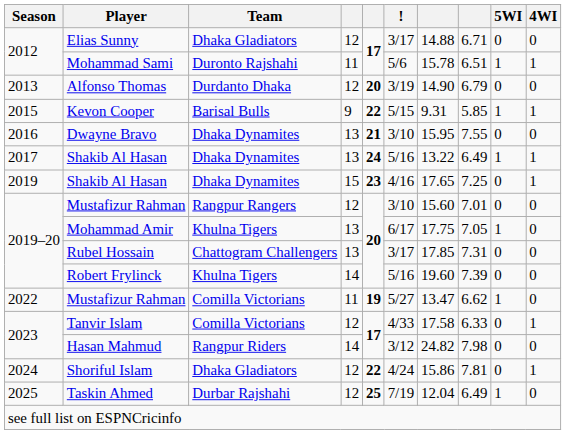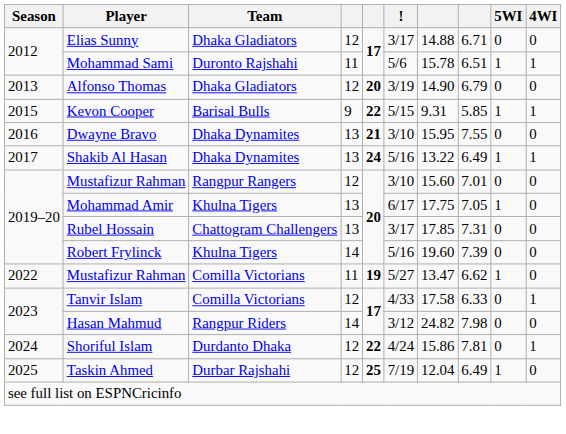 <table class="wikitable" style="align:center">
 <tr>
 <th>Season</th>
 <th>Player</th>
 <th>Team</th>
 <th></th>
 <th></th>
 <th> !</th>
 <th></th>
 <th></th>
 <th>5WI</th>
 <th>4WI</th>
 </tr>
 <tr>
 <td rowspan=2>2012</td>
 <td><a href='#'>Elias Sunny</a></td>
 <td><a href='#'>Dhaka Gladiators</a></td>
 <td>12</td>
 <td rowspan="2"><strong>17</strong></td>
 <td>3/17</td>
 <td>14.88</td>
 <td>6.71</td>
 <td>0</td>
 <td>0</td>
 </tr>
 <tr>
 <td><a href='#'>Mohammad Sami</a></td>
 <td><a href='#'>Duronto Rajshahi</a></td>
 <td>11</td>
 <td>5/6</td>
 <td>15.78</td>
 <td>6.51</td>
 <td>1</td>
 <td>1</td>
 </tr>
 <tr>
 <td>2013</td>
 <td><a href='#'>Alfonso Thomas</a></td>
-<td><a href='#'>Durdanto Dhaka</a></td>
+<td><a href='#'>Dhaka Gladiators</a></td>
 <td>12</td>
 <td><strong>20</strong></td>
 <td>3/19</td>
 <td>14.90</td>
 <td>6.79</td>
 <td>0</td>
 <td>0</td>
 </tr>
 <tr>
 <td>2015</td>
 <td><a href='#'>Kevon Cooper</a></td>
 <td><a href='#'>Barisal Bulls</a></td>
 <td>9</td>
 <td><strong>22</strong></td>
 <td>5/15</td>
 <td>9.31</td>
 <td>5.85</td>
 <td>1</td>
 <td>1</td>
 </tr>
 <tr>
 <td>2016</td>
 <td><a href='#'>Dwayne Bravo</a></td>
 <td><a href='#'>Dhaka Dynamites</a></td>
 <td>13</td>
 <td><strong>21</strong></td>
 <td>3/10</td>
 <td>15.95</td>
 <td>7.55</td>
 <td>0</td>
 <td>0</td>
 </tr>
 <tr>
 <td>2017</td>
 <td><a href='#'>Shakib Al Hasan</a></td>
 <td><a href='#'>Dhaka Dynamites</a></td>
 <td>13</td>
 <td><strong>24</strong></td>
 <td>5/16</td>
 <td>13.22</td>
 <td>6.49</td>
 <td>1</td>
-<td>1</td>
-</tr>
-<tr>
-<td>2019</td>
-<td><a href='#'>Shakib Al Hasan</a></td>
-<td><a href='#'>Dhaka Dynamites</a></td>
-<td>15</td>
-<td><strong>23</strong></td>
-<td>4/16</td>
-<td>17.65</td>
-<td>7.25</td>
-<td>0</td>
 <td>1</td>
 </tr>
 <tr>
 <td rowspan="4">2019–20</td>
 <td><a href='#'>Mustafizur Rahman</a></td>
 <td><a href='#'>Rangpur Rangers</a></td>
 <td>12</td>
 <td rowspan="4"><strong>20</strong></td>
 <td>3/10</td>
 <td>15.60</td>
 <td>7.01</td>
 <td>0</td>
 <td>0</td>
 </tr>
 <tr>
 <td><a href='#'>Mohammad Amir</a></td>
 <td><a href='#'>Khulna Tigers</a></td>
 <td>13</td>
 <td>6/17</td>
 <td>17.75</td>
 <td>7.05</td>
 <td>1</td>
 <td>0</td>
 </tr>
 <tr>
 <td><a href='#'>Rubel Hossain</a></td>
 <td><a href='#'>Chattogram Challengers</a></td>
 <td>13</td>
 <td>3/17</td>
 <td>17.85</td>
 <td>7.31</td>
 <td>0</td>
 <td>0</td>
 </tr>
 <tr>
 <td><a href='#'>Robert Frylinck</a></td>
 <td><a href='#'>Khulna Tigers</a></td>
 <td>14</td>
 <td>5/16</td>
 <td>19.60</td>
 <td>7.39</td>
 <td>0</td>
 <td>0</td>
 </tr>
 <tr>
 <td>2022</td>
 <td><a href='#'>Mustafizur Rahman</a></td>
 <td><a href='#'>Comilla Victorians</a></td>
 <td>11</td>
 <td><strong>19</strong></td>
 <td>5/27</td>
 <td>13.47</td>
 <td>6.62</td>
 <td>1</td>
 <td>0</td>
 </tr>
 <tr>
 <td rowspan="2">2023</td>
 <td><a href='#'>Tanvir Islam</a></td>
 <td><a href='#'>Comilla Victorians</a></td>
 <td>12</td>
 <td rowspan="2"><strong>17</strong></td>
 <td>4/33</td>
 <td>17.58</td>
 <td>6.33</td>
 <td>0</td>
 <td>1</td>
 </tr>
 <tr>
 <td><a href='#'>Hasan Mahmud</a></td>
 <td><a href='#'>Rangpur Riders</a></td>
 <td>14</td>
 <td>3/12</td>
 <td>24.82</td>
 <td>7.98</td>
 <td>0</td>
 <td>0</td>
 </tr>
 <tr>
 <td>2024</td>
 <td><a href='#'>Shoriful Islam</a></td>
-<td><a href='#'>Dhaka Gladiators</a></td>
+<td><a href='#'>Durdanto Dhaka</a></td>
 <td>12</td>
 <td><strong>22</strong></td>
 <td>4/24</td>
 <td>15.86</td>
 <td>7.81</td>
 <td>0</td>
 <td>1</td>
 </tr>
 <tr>
 <td>2025</td>
 <td><a href='#'>Taskin Ahmed</a></td>
 <td><a href='#'>Durbar Rajshahi</a></td>
 <td>12</td>
 <td><strong>25</strong></td>
 <td>7/19</td>
 <td>12.04</td>
 <td>6.49</td>
 <td>1</td>
 <td>0</td>
 </tr>
 <tr>
 <td colspan="10">see full list on ESPNCricinfo</td>
 </tr>
 </table>
